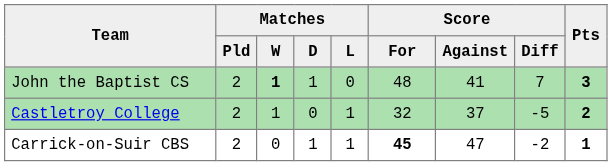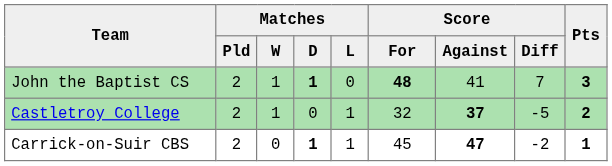 <table style=border-collapse:collapse border=1 cellspacing=0 cellpadding=5>
 <tr align=center bgcolor=#efefef>
 <th rowspan=2 width=165>Team</th>
 <th colspan=4>Matches</th>
 <th colspan=3>Score</th>
 <th rowspan=2width=20>Pts</th>
 </tr>
 <tr align=center bgcolor=#efefef>
 <th width=20>Pld</th>
 <th width=20>W</th>
 <th width=20>D</th>
 <th width=20>L</th>
 <th width=45>For</th>
 <th width=45>Against</th>
 <th width=30>Diff</th>
 </tr>
 <tr align=center style="background:#ACE1AF;">
 <td style="text-align:left;">John the Baptist CS</td>
 <td>2</td>
+<td>1</td>
 <td><strong>1</strong></td>
-<td>1</td>
 <td>0</td>
-<td>48</td>
+<td><strong>48</strong></td>
 <td>41</td>
 <td>7</td>
 <td><strong>3</strong></td>
 </tr>
 <tr align=center style="background:#ACE1AF;">
 <td style="text-align:left;"><a href='#'>Castletroy College</a></td>
 <td>2</td>
 <td>1</td>
 <td>0</td>
 <td>1</td>
 <td>32</td>
-<td>37</td>
+<td><strong>37</strong></td>
 <td>-5</td>
 <td><strong>2</strong></td>
 </tr>
 <tr align=center>
 <td style="text-align:left;">Carrick-on-Suir CBS</td>
 <td>2</td>
 <td>0</td>
+<td><strong>1</strong></td>
 <td>1</td>
-<td>1</td>
-<td><strong>45</strong></td>
-<td>47</td>
+<td>45</td>
+<td><strong>47</strong></td>
 <td>-2</td>
 <td><strong>1</strong></td>
 </tr>
 </table>
